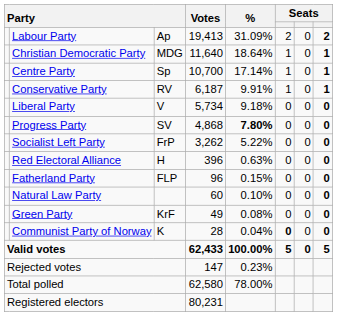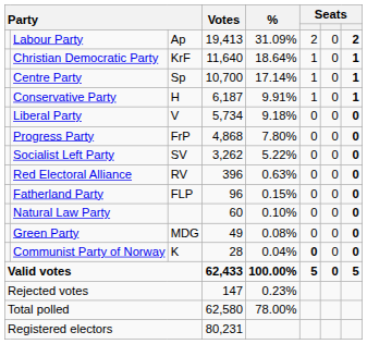 <table class="wikitable" border="1" style="text-align:right;">
 <tr>
 <th style="text-align:left;" valign=bottom rowspan=2 colspan=3>Party</th>
 <th align=center valign=bottom rowspan=2 width="50">Votes</th>
 <th align=center valign=bottom rowspan=2 width="50">%</th>
 <th colspan=3>Seats</th>
 </tr>
 <tr>
 <th align=center valign=bottom width="20"><small></small></th>
 <th align=center valign=bottom width="20"><small><a href='#'></a></small></th>
 <th align=center valign=bottom width="20"><small></small></th>
 </tr>
 <tr>
 <td style="color:inherit;background:"></td>
 <td align=left><a href='#'>Labour Party</a></td>
 <td align=left>Ap</td>
 <td>19,413</td>
 <td>31.09%</td>
 <td>2</td>
 <td>0</td>
 <td><strong>2</strong></td>
 </tr>
 <tr>
 <td style="color:inherit;background:"></td>
 <td align=left><a href='#'>Christian Democratic Party</a></td>
-<td align=left>MDG</td>
+<td align=left>KrF</td>
 <td>11,640</td>
 <td>18.64%</td>
 <td>1</td>
 <td>0</td>
 <td><strong>1</strong></td>
 </tr>
 <tr>
 <td style="color:inherit;background:"></td>
 <td align=left><a href='#'>Centre Party</a></td>
 <td align=left>Sp</td>
 <td>10,700</td>
 <td>17.14%</td>
 <td>1</td>
 <td>0</td>
 <td><strong>1</strong></td>
 </tr>
 <tr>
 <td style="color:inherit;background:"></td>
 <td align=left><a href='#'>Conservative Party</a></td>
-<td align=left>RV</td>
+<td align=left>H</td>
 <td>6,187</td>
 <td>9.91%</td>
 <td>1</td>
 <td>0</td>
 <td><strong>1</strong></td>
 </tr>
 <tr>
 <td style="color:inherit;background:"></td>
 <td align=left><a href='#'>Liberal Party</a></td>
 <td align=left>V</td>
 <td>5,734</td>
 <td>9.18%</td>
 <td>0</td>
 <td>0</td>
 <td><strong>0</strong></td>
 </tr>
 <tr>
 <td style="color:inherit;background:"></td>
 <td align=left><a href='#'>Progress Party</a></td>
-<td align=left>SV</td>
+<td align=left>FrP</td>
 <td>4,868</td>
-<td><strong>7.80%</strong></td>
+<td>7.80%</td>
 <td>0</td>
 <td>0</td>
 <td><strong>0</strong></td>
 </tr>
 <tr>
 <td style="color:inherit;background:"></td>
 <td align=left><a href='#'>Socialist Left Party</a></td>
-<td align=left>FrP</td>
+<td align=left>SV</td>
 <td>3,262</td>
 <td>5.22%</td>
 <td>0</td>
 <td>0</td>
 <td><strong>0</strong></td>
 </tr>
 <tr>
 <td style="color:inherit;background:"></td>
 <td align=left><a href='#'>Red Electoral Alliance</a></td>
-<td align=left>H</td>
+<td align=left>RV</td>
 <td>396</td>
 <td>0.63%</td>
 <td>0</td>
 <td>0</td>
 <td><strong>0</strong></td>
 </tr>
 <tr>
 <td style="color:inherit;background:"></td>
 <td align=left><a href='#'>Fatherland Party</a></td>
 <td align=left>FLP</td>
 <td>96</td>
 <td>0.15%</td>
 <td>0</td>
 <td>0</td>
 <td><strong>0</strong></td>
 </tr>
 <tr>
 <td></td>
 <td align=left><a href='#'>Natural Law Party</a></td>
 <td align=left></td>
 <td>60</td>
 <td>0.10%</td>
 <td>0</td>
 <td>0</td>
 <td><strong>0</strong></td>
 </tr>
 <tr>
 <td style="color:inherit;background:"></td>
 <td align=left><a href='#'>Green Party</a></td>
-<td align=left>KrF</td>
+<td align=left>MDG</td>
 <td>49</td>
 <td>0.08%</td>
 <td>0</td>
 <td>0</td>
 <td><strong>0</strong></td>
 </tr>
 <tr>
 <td style="color:inherit;background:"></td>
 <td align=left><a href='#'>Communist Party of Norway</a></td>
 <td align=left>K</td>
 <td>28</td>
 <td>0.04%</td>
 <td><strong>0</strong></td>
 <td>0</td>
 <td><strong>0</strong></td>
 </tr>
 <tr style="font-weight:bold">
 <td align=left colspan=3>Valid votes</td>
 <td>62,433</td>
 <td>100.00%</td>
 <td>5</td>
 <td>0</td>
 <td>5</td>
 </tr>
 <tr>
 <td align=left colspan=3>Rejected votes</td>
 <td>147</td>
 <td>0.23%</td>
 <td></td>
 <td></td>
 <td></td>
 </tr>
 <tr>
 <td align=left colspan=3>Total polled</td>
 <td>62,580</td>
 <td>78.00%</td>
 <td></td>
 <td></td>
 <td></td>
 </tr>
 <tr>
 <td align=left colspan=3>Registered electors</td>
 <td>80,231</td>
 <td></td>
 <td></td>
 <td></td>
 <td></td>
 </tr>
 </table>
